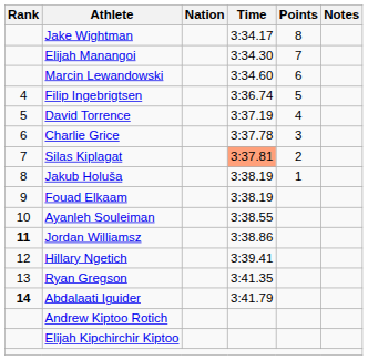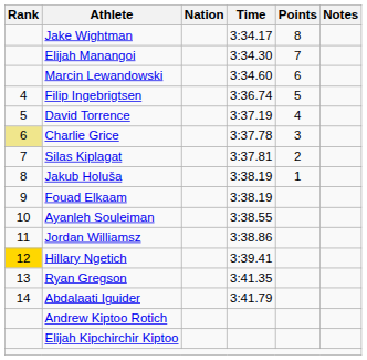 <table class="wikitable sortable" style="text-align:center;">
 <tr>
 <th scope="col" style="width: 10px;">Rank</th>
 <th scope="col">Athlete</th>
 <th scope="col">Nation</th>
 <th scope="col">Time</th>
 <th scope="col">Points</th>
 <th scope="col">Notes</th>
 </tr>
 <tr>
 <td></td>
 <td align=left><a href='#'>Jake Wightman</a></td>
 <td align=left></td>
 <td>3:34.17</td>
 <td>8</td>
 <td></td>
 </tr>
 <tr>
 <td></td>
 <td align=left><a href='#'>Elijah Manangoi</a></td>
 <td align=left></td>
 <td>3:34.30</td>
 <td>7</td>
 <td></td>
 </tr>
 <tr>
 <td></td>
 <td align=left><a href='#'>Marcin Lewandowski</a></td>
 <td align=left></td>
 <td>3:34.60</td>
 <td>6</td>
 <td></td>
 </tr>
 <tr>
 <td>4</td>
 <td align=left><a href='#'>Filip Ingebrigtsen</a></td>
 <td align=left></td>
 <td>3:36.74</td>
 <td>5</td>
 <td></td>
 </tr>
 <tr>
 <td>5</td>
 <td align=left><a href='#'>David Torrence</a></td>
 <td align=left></td>
 <td>3:37.19</td>
 <td>4</td>
 <td></td>
 </tr>
 <tr>
-<td>6</td>
+<td style="background: khaki;">6</td>
 <td align=left><a href='#'>Charlie Grice</a></td>
 <td align=left></td>
 <td>3:37.78</td>
 <td>3</td>
 <td></td>
 </tr>
 <tr>
 <td>7</td>
 <td align=left><a href='#'>Silas Kiplagat</a></td>
 <td align=left></td>
-<td style="background: lightsalmon;">3:37.81</td>
+<td>3:37.81</td>
 <td>2</td>
 <td></td>
 </tr>
 <tr>
 <td>8</td>
 <td align=left><a href='#'>Jakub Holuša</a></td>
 <td align=left></td>
 <td>3:38.19 </td>
 <td>1</td>
 <td></td>
 </tr>
 <tr>
 <td>9</td>
 <td align=left><a href='#'>Fouad Elkaam</a></td>
 <td align=left></td>
 <td>3:38.19 </td>
 <td></td>
 <td></td>
 </tr>
 <tr>
 <td>10</td>
 <td align=left><a href='#'>Ayanleh Souleiman</a></td>
 <td align=left></td>
 <td>3:38.55</td>
 <td></td>
 <td></td>
 </tr>
 <tr>
-<td><strong>11</strong></td>
+<td>11</td>
 <td align=left><a href='#'>Jordan Williamsz</a></td>
 <td align=left></td>
 <td>3:38.86</td>
 <td></td>
 <td></td>
 </tr>
 <tr>
-<td>12</td>
+<td style="background: gold;">12</td>
 <td align=left><a href='#'>Hillary Ngetich</a></td>
 <td align=left></td>
 <td>3:39.41</td>
 <td></td>
 <td></td>
 </tr>
 <tr>
 <td>13</td>
 <td align=left><a href='#'>Ryan Gregson</a></td>
 <td align=left></td>
 <td>3:41.35</td>
 <td></td>
 <td></td>
 </tr>
 <tr>
-<td><strong>14</strong></td>
+<td>14</td>
 <td align=left><a href='#'>Abdalaati Iguider</a></td>
 <td align=left></td>
 <td>3:41.79</td>
 <td></td>
 <td></td>
 </tr>
 <tr>
 <td></td>
 <td align="left"><a href='#'>Andrew Kiptoo Rotich</a></td>
 <td align="left"></td>
 <td></td>
 <td></td>
 <td></td>
 </tr>
 <tr>
 <td></td>
 <td align="left"><a href='#'>Elijah Kipchirchir Kiptoo</a></td>
 <td align="left"></td>
 <td></td>
 <td></td>
 <td></td>
 </tr>
 <tr class="sortbottom">
 <td colspan="6"></td>
 </tr>
 </table>
